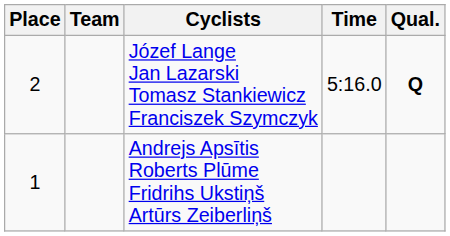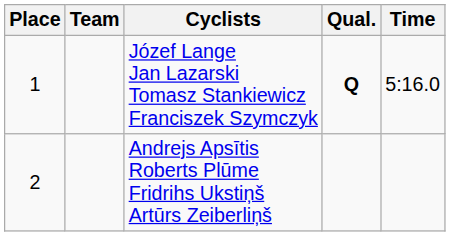 <table class=wikitable style="text-align:center">
 <tr>
 <th>Place</th>
 <th>Team</th>
 <th>Cyclists</th>
+<th>Qual.</th>
 <th>Time</th>
-<th>Qual.</th>
+</tr>
+<tr>
+<td>1</td>
+<td align=left></td>
+<td align=left><a href='#'>Józef Lange</a> <br> <a href='#'>Jan Lazarski</a> <br> <a href='#'>Tomasz Stankiewicz</a> <br> <a href='#'>Franciszek Szymczyk</a></td>
+<td><strong>Q</strong></td>
+<td>5:16.0</td>
 </tr>
 <tr>
 <td>2</td>
-<td align=left></td>
-<td align=left><a href='#'>Józef Lange</a> <br> <a href='#'>Jan Lazarski</a> <br> <a href='#'>Tomasz Stankiewicz</a> <br> <a href='#'>Franciszek Szymczyk</a></td>
-<td>5:16.0</td>
-<td><strong>Q</strong></td>
-</tr>
-<tr>
-<td>1</td>
 <td align=left></td>
 <td align=left><a href='#'>Andrejs Apsītis</a> <br> <a href='#'>Roberts Plūme</a> <br> <a href='#'>Fridrihs Ukstiņš</a> <br> <a href='#'>Artūrs Zeiberliņš</a></td>
 <td></td>
 <td></td>
 </tr>
 </table>
